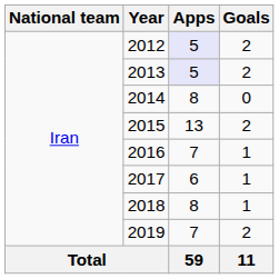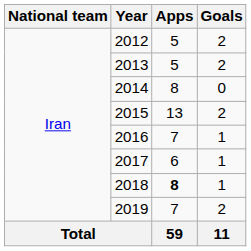 <table class="wikitable" style="text-align:center">
 <tr>
 <th>National team</th>
 <th>Year</th>
 <th>Apps</th>
 <th>Goals</th>
 </tr>
 <tr>
 <td rowspan="8"><a href='#'>Iran</a></td>
 <td>2012</td>
-<td style="background: lavender;">5</td>
+<td>5</td>
 <td>2</td>
 </tr>
 <tr>
 <td>2013</td>
-<td style="background: lavender;">5</td>
+<td>5</td>
 <td>2</td>
 </tr>
 <tr>
 <td>2014</td>
 <td>8</td>
 <td>0</td>
 </tr>
 <tr>
 <td>2015</td>
 <td>13</td>
 <td>2</td>
 </tr>
 <tr>
 <td>2016</td>
 <td>7</td>
 <td>1</td>
 </tr>
 <tr>
 <td>2017</td>
 <td>6</td>
 <td>1</td>
 </tr>
 <tr>
 <td>2018</td>
-<td>8</td>
+<td><strong>8</strong></td>
 <td>1</td>
 </tr>
 <tr>
 <td>2019</td>
 <td>7</td>
 <td>2</td>
 </tr>
 <tr>
 <th colspan="2">Total</th>
 <th>59</th>
 <th>11</th>
 </tr>
 </table>
